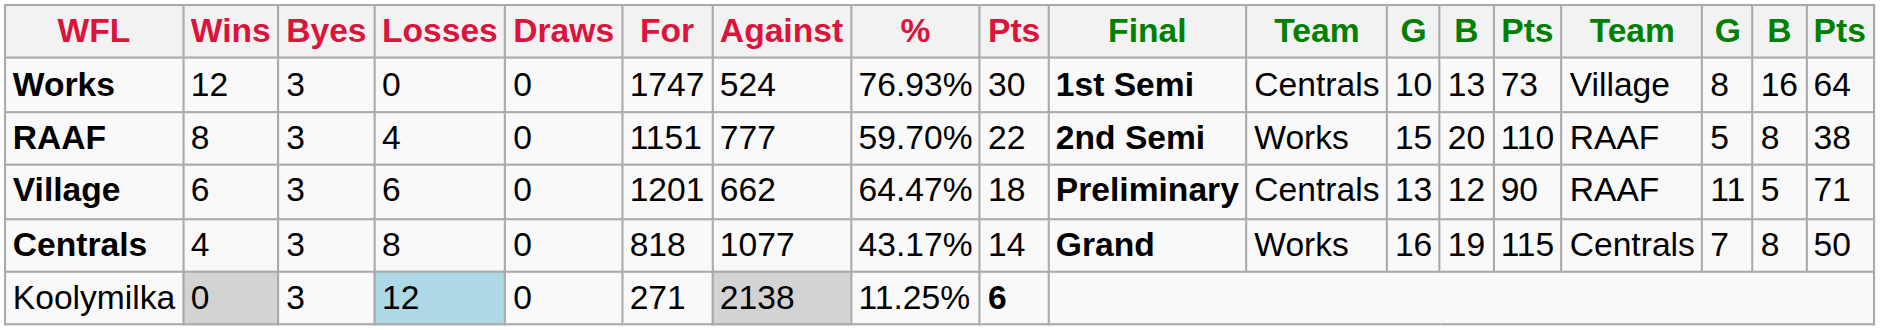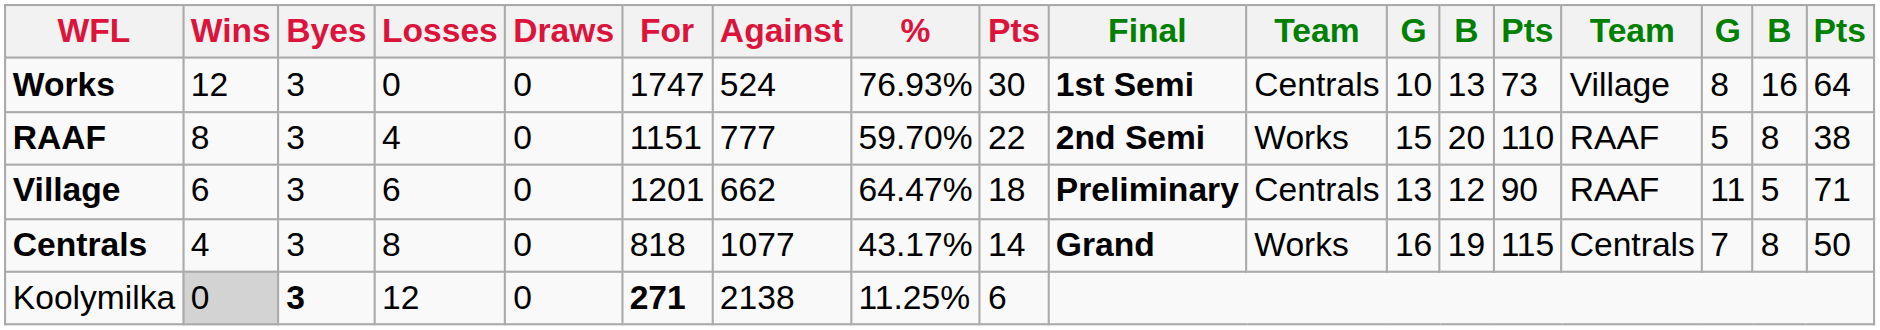 <table class="wikitable">
 <tr>
 <th style="color:crimson">WFL</th>
 <th style="color:crimson">Wins</th>
 <th style="color:crimson">Byes</th>
 <th style="color:crimson">Losses</th>
 <th style="color:crimson">Draws</th>
 <th style="color:crimson">For</th>
 <th style="color:crimson">Against</th>
 <th style="color:crimson">%</th>
 <th style="color:crimson">Pts</th>
 <th style="color:green">Final</th>
 <th style="color:green">Team</th>
 <th style="color:green">G</th>
 <th style="color:green">B</th>
 <th style="color:green">Pts</th>
 <th style="color:green">Team</th>
 <th style="color:green">G</th>
 <th style="color:green">B</th>
 <th style="color:green">Pts</th>
 </tr>
 <tr>
 <td><strong>	Works	</strong></td>
 <td>12</td>
 <td>3</td>
 <td>0</td>
 <td>0</td>
 <td>1747</td>
 <td>524</td>
 <td>76.93%</td>
 <td>30</td>
 <td><strong>1st Semi</strong></td>
 <td>Centrals</td>
 <td>10</td>
 <td>13</td>
 <td>73</td>
 <td>Village</td>
 <td>8</td>
 <td>16</td>
 <td>64</td>
 </tr>
 <tr>
 <td><strong>	RAAF	</strong></td>
 <td>8</td>
 <td>3</td>
 <td>4</td>
 <td>0</td>
 <td>1151</td>
 <td>777</td>
 <td>59.70%</td>
 <td>22</td>
 <td><strong>2nd Semi</strong></td>
 <td>Works</td>
 <td>15</td>
 <td>20</td>
 <td>110</td>
 <td>RAAF</td>
 <td>5</td>
 <td>8</td>
 <td>38</td>
 </tr>
 <tr>
 <td><strong>	Village	</strong></td>
 <td>6</td>
 <td>3</td>
 <td>6</td>
 <td>0</td>
 <td>1201</td>
 <td>662</td>
 <td>64.47%</td>
 <td>18</td>
 <td><strong>Preliminary</strong></td>
 <td>Centrals</td>
 <td>13</td>
 <td>12</td>
 <td>90</td>
 <td>RAAF</td>
 <td>11</td>
 <td>5</td>
 <td>71</td>
 </tr>
 <tr>
 <td><strong>	Centrals	</strong></td>
 <td>4</td>
 <td>3</td>
 <td>8</td>
 <td>0</td>
 <td>818</td>
 <td>1077</td>
 <td>43.17%</td>
 <td>14</td>
 <td><strong>Grand</strong></td>
 <td>Works</td>
 <td>16</td>
 <td>19</td>
 <td>115</td>
 <td>Centrals</td>
 <td>7</td>
 <td>8</td>
 <td>50</td>
 </tr>
 <tr>
 <td>Koolymilka</td>
 <td style="background: lightgrey;">0</td>
-<td>3</td>
-<td style="background: lightblue;">12</td>
+<td><strong>3</strong></td>
+<td>12</td>
 <td>0</td>
-<td>271</td>
-<td style="background: lightgrey;">2138</td>
+<td><strong>271</strong></td>
+<td>2138</td>
 <td>11.25%</td>
-<td><strong>6</strong></td>
+<td>6</td>
 </tr>
 </table>
